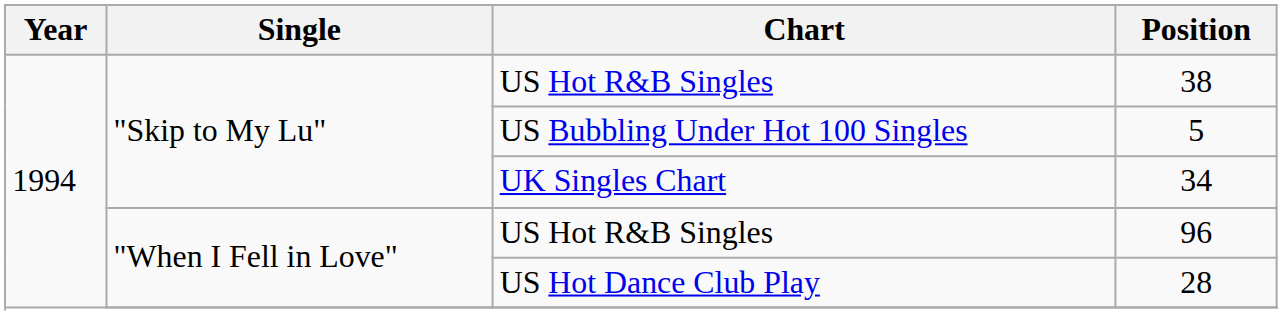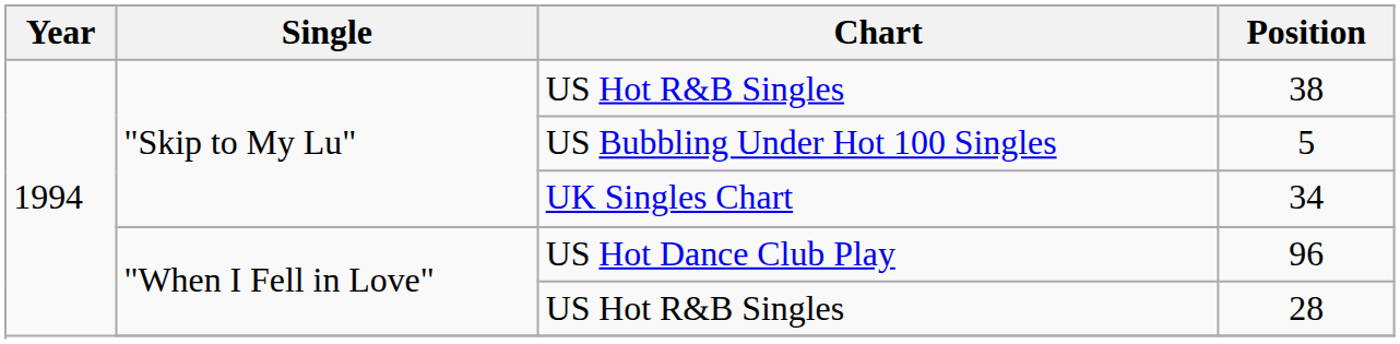 <table class="wikitable" style="width: 40em;">
 <tr>
 <th>Year</th>
 <th>Single</th>
 <th>Chart</th>
 <th>Position</th>
 </tr>
 <tr>
 <td rowspan=8>1994</td>
 <td rowspan=3>"Skip to My Lu"</td>
 <td>US <a href='#'>Hot R&B Singles</a></td>
 <td align="center">38</td>
 </tr>
 <tr>
 <td>US <a href='#'>Bubbling Under Hot 100 Singles</a></td>
 <td align="center">5</td>
 </tr>
 <tr>
 <td><a href='#'>UK Singles Chart</a></td>
 <td align="center">34</td>
 </tr>
 <tr>
 <td rowspan=2>"When I Fell in Love"</td>
-<td>US Hot R&B Singles</td>
+<td>US <a href='#'>Hot Dance Club Play</a></td>
 <td align="center">96</td>
 </tr>
 <tr>
-<td>US <a href='#'>Hot Dance Club Play</a></td>
+<td>US Hot R&B Singles</td>
 <td align="center">28</td>
 </tr>
 <tr>
 </tr>
 </table>
